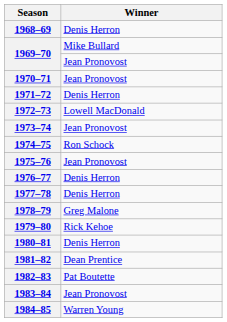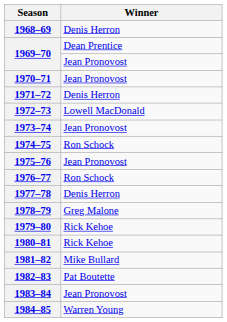 <table class="wikitable">
 <tr>
 <th scope="col" style="width:5em">Season</th>
 <th scope="col" style="width:15em">Winner</th>
 </tr>
 <tr>
 <th scope="row"><a href='#'>1968–69</a></th>
 <td><a href='#'>Denis Herron</a></td>
 </tr>
 <tr>
 <th scope="row" rowspan="2"><a href='#'>1969–70</a></th>
-<td><a href='#'>Mike Bullard</a></td>
+<td><a href='#'>Dean Prentice</a></td>
 </tr>
 <tr>
 <td><a href='#'>Jean Pronovost</a></td>
 </tr>
 <tr>
 <th scope="row"><a href='#'>1970–71</a></th>
 <td><a href='#'>Jean Pronovost</a></td>
 </tr>
 <tr>
 <th scope="row"><a href='#'>1971–72</a></th>
 <td><a href='#'>Denis Herron</a></td>
 </tr>
 <tr>
 <th scope="row"><a href='#'>1972–73</a></th>
 <td><a href='#'>Lowell MacDonald</a></td>
 </tr>
 <tr>
 <th scope="row"><a href='#'>1973–74</a></th>
 <td><a href='#'>Jean Pronovost</a></td>
 </tr>
 <tr>
 <th scope="row"><a href='#'>1974–75</a></th>
 <td><a href='#'>Ron Schock</a></td>
 </tr>
 <tr>
 <th scope="row"><a href='#'>1975–76</a></th>
 <td><a href='#'>Jean Pronovost</a></td>
 </tr>
 <tr>
 <th scope="row"><a href='#'>1976–77</a></th>
-<td><a href='#'>Denis Herron</a></td>
+<td><a href='#'>Ron Schock</a></td>
 </tr>
 <tr>
 <th scope="row"><a href='#'>1977–78</a></th>
 <td><a href='#'>Denis Herron</a></td>
 </tr>
 <tr>
 <th scope="row"><a href='#'>1978–79</a></th>
 <td><a href='#'>Greg Malone</a></td>
 </tr>
 <tr>
 <th scope="row"><a href='#'>1979–80</a></th>
 <td><a href='#'>Rick Kehoe</a></td>
 </tr>
 <tr>
 <th scope="row"><a href='#'>1980–81</a></th>
-<td><a href='#'>Denis Herron</a></td>
+<td><a href='#'>Rick Kehoe</a></td>
 </tr>
 <tr>
 <th scope="row"><a href='#'>1981–82</a></th>
-<td><a href='#'>Dean Prentice</a></td>
+<td><a href='#'>Mike Bullard</a></td>
 </tr>
 <tr>
 <th scope="row"><a href='#'>1982–83</a></th>
 <td><a href='#'>Pat Boutette</a></td>
 </tr>
 <tr>
 <th scope="row"><a href='#'>1983–84</a></th>
 <td><a href='#'>Jean Pronovost</a></td>
 </tr>
 <tr>
 <th scope="row"><a href='#'>1984–85</a></th>
 <td><a href='#'>Warren Young</a></td>
 </tr>
 </table>
